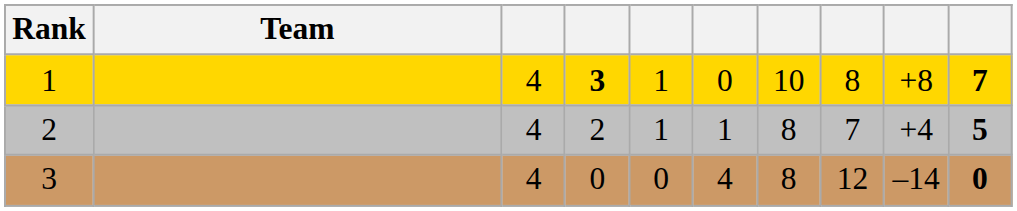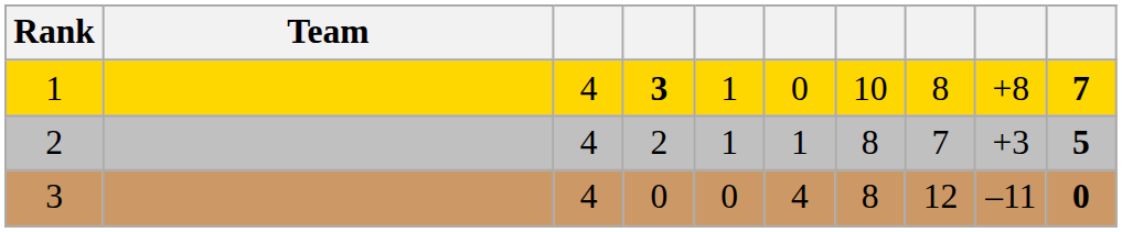 <table class="wikitable" style="text-align:center">
 <tr>
 <th width=20>Rank</th>
 <th width=200>Team</th>
 <th width="25"></th>
 <th width="25"></th>
 <th width="25"></th>
 <th width="25"></th>
 <th width="25"></th>
 <th width="25"></th>
 <th width="25"></th>
 <th width="25"></th>
 </tr>
 <tr style="background:gold;">
 <td>1</td>
 <td style="text-align:left;"></td>
 <td>4</td>
 <td><strong>3</strong></td>
 <td>1</td>
 <td>0</td>
 <td>10</td>
 <td>8</td>
 <td>+8</td>
 <td><strong>7</strong></td>
 </tr>
 <tr style="background:silver;">
 <td>2</td>
 <td style="text-align:left;"></td>
 <td>4</td>
 <td>2</td>
 <td>1</td>
 <td>1</td>
 <td>8</td>
 <td>7</td>
-<td>+4</td>
+<td>+3</td>
 <td><strong>5</strong></td>
 </tr>
 <tr style="background:#cc9966;">
 <td>3</td>
 <td style="text-align:left;"></td>
 <td>4</td>
 <td>0</td>
 <td>0</td>
 <td>4</td>
 <td>8</td>
 <td>12</td>
-<td>–14</td>
+<td>–11</td>
 <td><strong>0</strong></td>
 </tr>
 </table>
